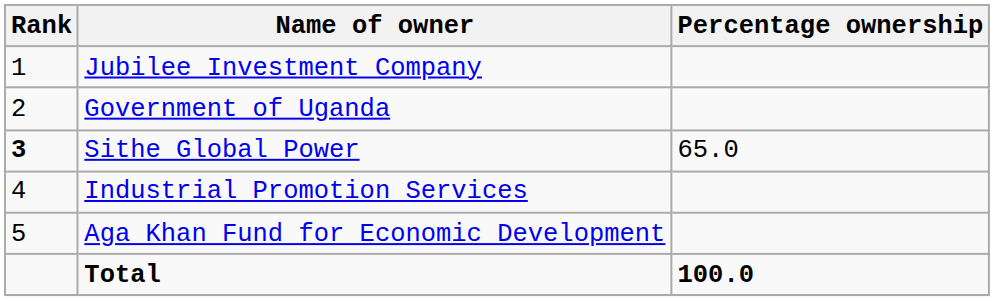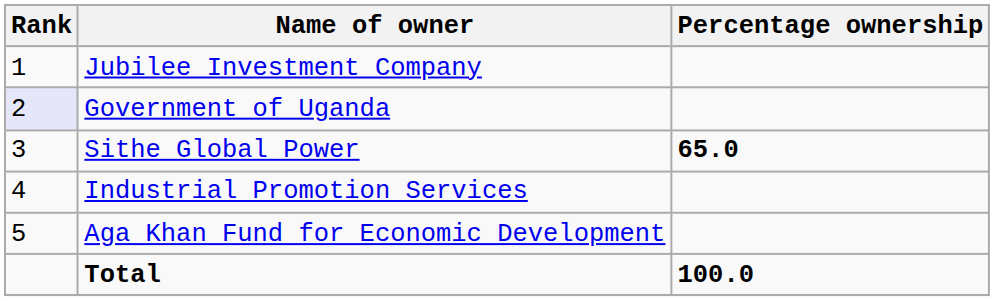 <table class="wikitable sortable">
 <tr>
 <th style="width:2em;">Rank</th>
 <th>Name of owner</th>
 <th>Percentage ownership</th>
 </tr>
 <tr>
 <td>1</td>
 <td><a href='#'>Jubilee Investment Company</a></td>
 <td></td>
 </tr>
 <tr>
-<td>2</td>
+<td style="background: lavender;">2</td>
 <td><a href='#'>Government of Uganda</a></td>
 <td></td>
 </tr>
 <tr>
-<td><strong>3</strong></td>
+<td>3</td>
 <td><a href='#'>Sithe Global Power</a></td>
-<td>65.0</td>
+<td><strong>65.0</strong></td>
 </tr>
 <tr>
 <td>4</td>
 <td><a href='#'>Industrial Promotion Services</a></td>
 <td></td>
 </tr>
 <tr>
 <td>5</td>
 <td><a href='#'>Aga Khan Fund for Economic Development</a></td>
 <td></td>
 </tr>
 <tr>
 <td></td>
 <td><strong>Total</strong></td>
 <td><strong>100.0</strong></td>
 </tr>
 <tr>
 </tr>
 </table>
